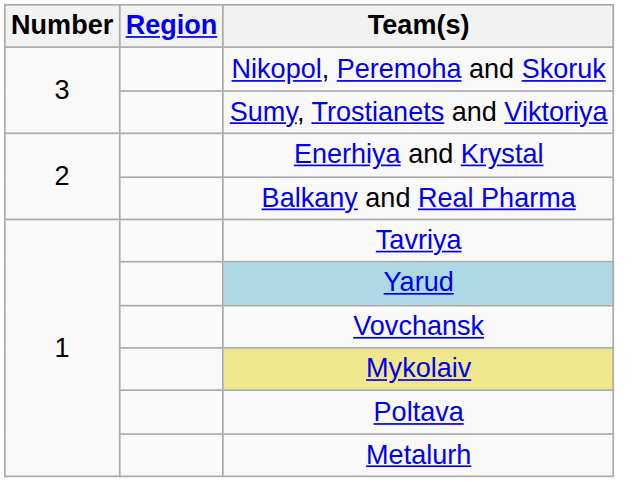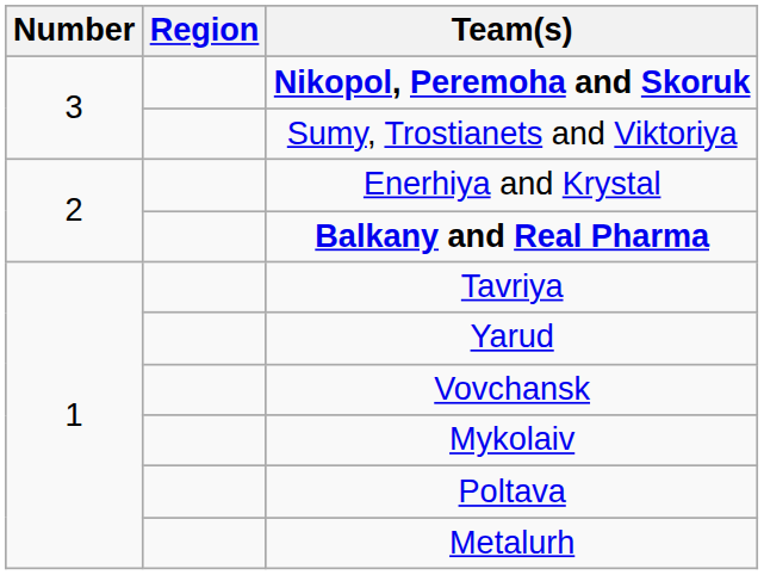 <table class="wikitable" style="text-align:center">
 <tr>
 <th>Number</th>
 <th><a href='#'>Region</a></th>
 <th>Team(s)</th>
 </tr>
 <tr>
 <td rowspan="2">3</td>
 <td align="left"></td>
-<td><a href='#'>Nikopol</a>, <a href='#'>Peremoha</a> and <a href='#'>Skoruk</a></td>
+<td><strong><a href='#'>Nikopol</a>, <a href='#'>Peremoha</a> and <a href='#'>Skoruk</a></strong></td>
 </tr>
 <tr>
 <td align="left"></td>
 <td><a href='#'>Sumy</a>, <a href='#'>Trostianets</a> and <a href='#'>Viktoriya</a></td>
 </tr>
 <tr>
 <td rowspan="2">2</td>
 <td align="left"></td>
 <td><a href='#'>Enerhiya</a> and <a href='#'>Krystal</a></td>
 </tr>
 <tr>
 <td align="left"></td>
-<td><a href='#'>Balkany</a> and <a href='#'>Real Pharma</a></td>
+<td><strong><a href='#'>Balkany</a> and <a href='#'>Real Pharma</a></strong></td>
 </tr>
 <tr>
 <td rowspan="7">1</td>
 <td align="left"></td>
 <td><a href='#'>Tavriya</a></td>
 </tr>
 <tr>
 <td align="left"></td>
-<td style="background: lightblue;"><a href='#'>Yarud</a></td>
+<td><a href='#'>Yarud</a></td>
 </tr>
 <tr>
 <td align="left"></td>
 <td><a href='#'>Vovchansk</a></td>
 </tr>
 <tr>
 <td align="left"></td>
-<td style="background: khaki;"><a href='#'>Mykolaiv</a></td>
+<td><a href='#'>Mykolaiv</a></td>
 </tr>
 <tr>
 <td align="left"></td>
 <td><a href='#'>Poltava</a></td>
 </tr>
 <tr>
 <td align="left"></td>
 <td><a href='#'>Metalurh</a></td>
 </tr>
 </table>
